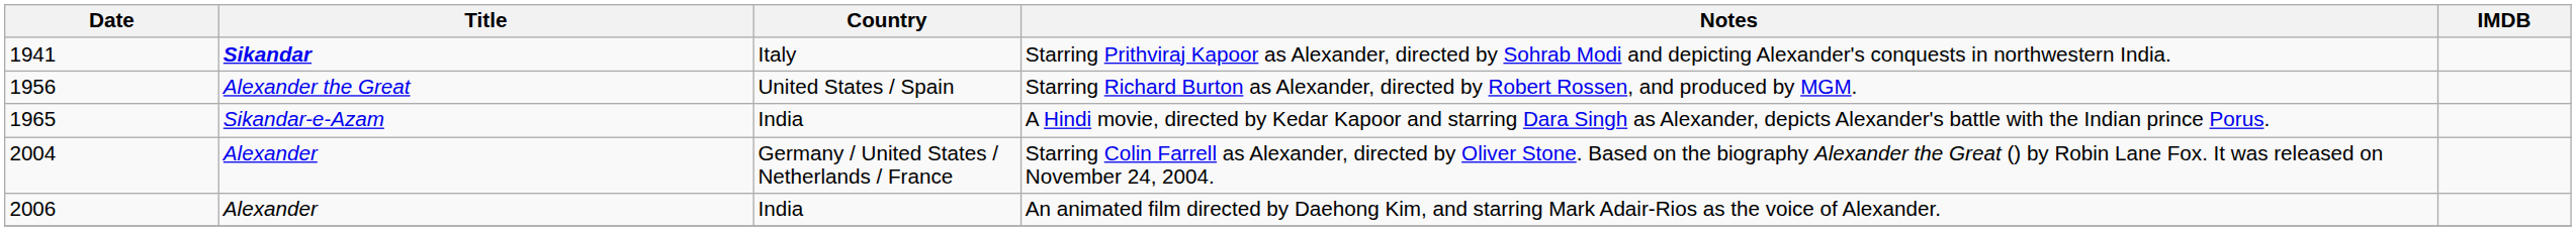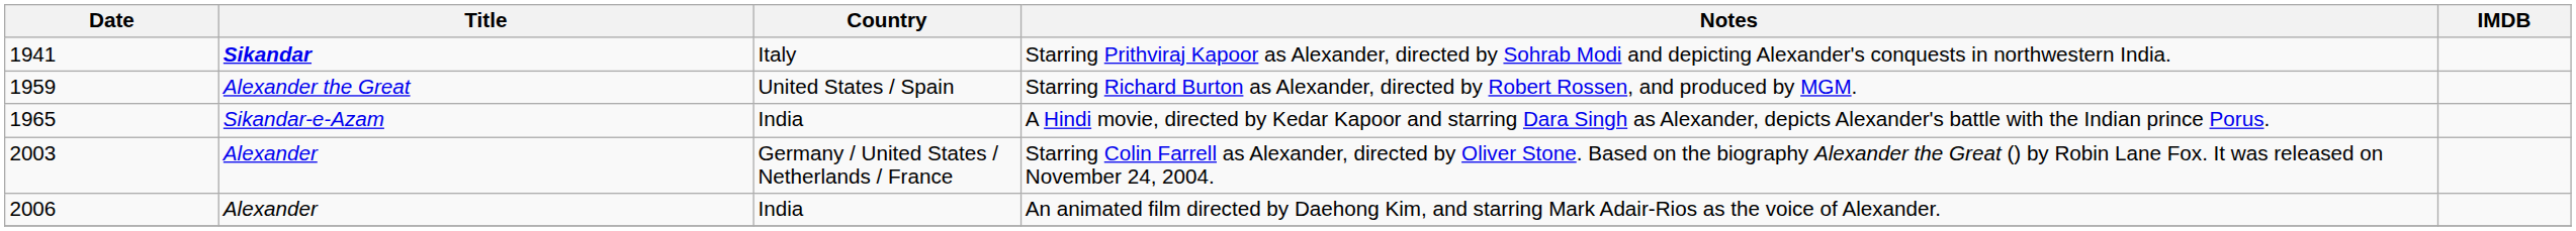 <table class="wikitable sortable">
 <tr>
 <th style="width:8%;">Date</th>
 <th style="width:20%;">Title</th>
 <th style="width:10%;">Country</th>
 <th style="width:53%;">Notes</th>
 <th style="width:5%;">IMDB</th>
 </tr>
 <tr valign="top">
 <td>1941</td>
 <td><strong><em><a href='#'>Sikandar</a></em></strong></td>
 <td>Italy</td>
 <td>Starring <a href='#'>Prithviraj Kapoor</a> as Alexander, directed by <a href='#'>Sohrab Modi</a> and depicting Alexander's conquests in northwestern India.</td>
 <td></td>
 </tr>
 <tr valign="top">
-<td>1956</td>
+<td>1959</td>
 <td><em><a href='#'>Alexander the Great</a></em></td>
 <td>United States / Spain</td>
 <td>Starring <a href='#'>Richard Burton</a> as Alexander, directed by <a href='#'>Robert Rossen</a>, and produced by <a href='#'>MGM</a>.</td>
 <td></td>
 </tr>
 <tr valign="top">
 <td>1965</td>
 <td><em><a href='#'>Sikandar-e-Azam</a></em></td>
 <td>India</td>
 <td>A <a href='#'>Hindi</a> movie, directed by Kedar Kapoor and starring <a href='#'>Dara Singh</a> as Alexander, depicts Alexander's battle with the Indian prince <a href='#'>Porus</a>.</td>
 <td></td>
 </tr>
 <tr valign="top">
-<td>2004</td>
+<td>2003</td>
 <td><em><a href='#'>Alexander</a></em></td>
 <td>Germany / United States / Netherlands / France</td>
 <td>Starring <a href='#'>Colin Farrell</a> as Alexander, directed by <a href='#'>Oliver Stone</a>. Based on the biography <em>Alexander the Great</em> () by Robin Lane Fox. It was released on November 24, 2004.</td>
 <td></td>
 </tr>
 <tr valign="top">
 <td>2006</td>
 <td><em>Alexander</em></td>
 <td>India</td>
 <td>An animated film directed by Daehong Kim, and starring Mark Adair-Rios as the voice of Alexander.</td>
 <td></td>
 </tr>
 <tr valign="top">
 </tr>
 </table>
